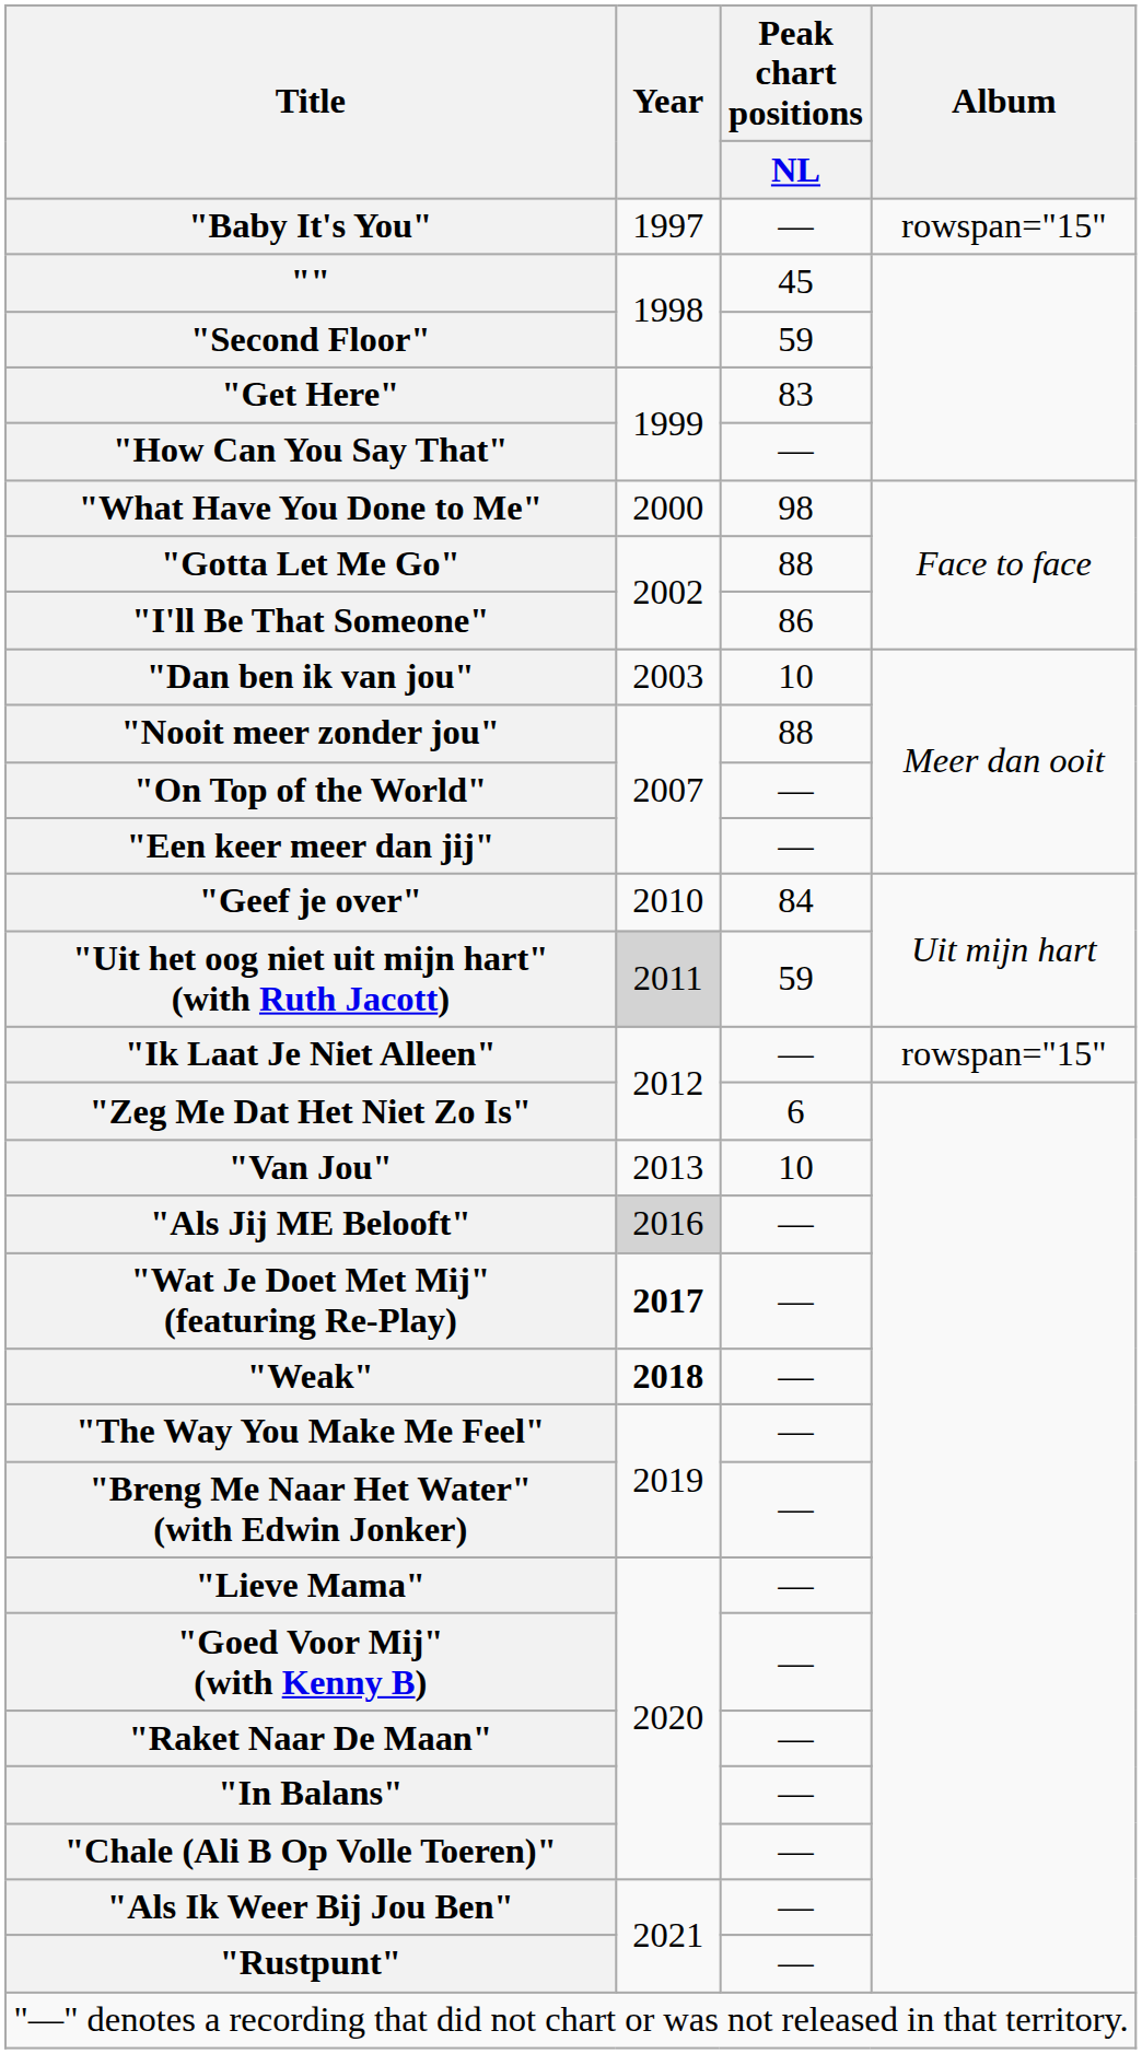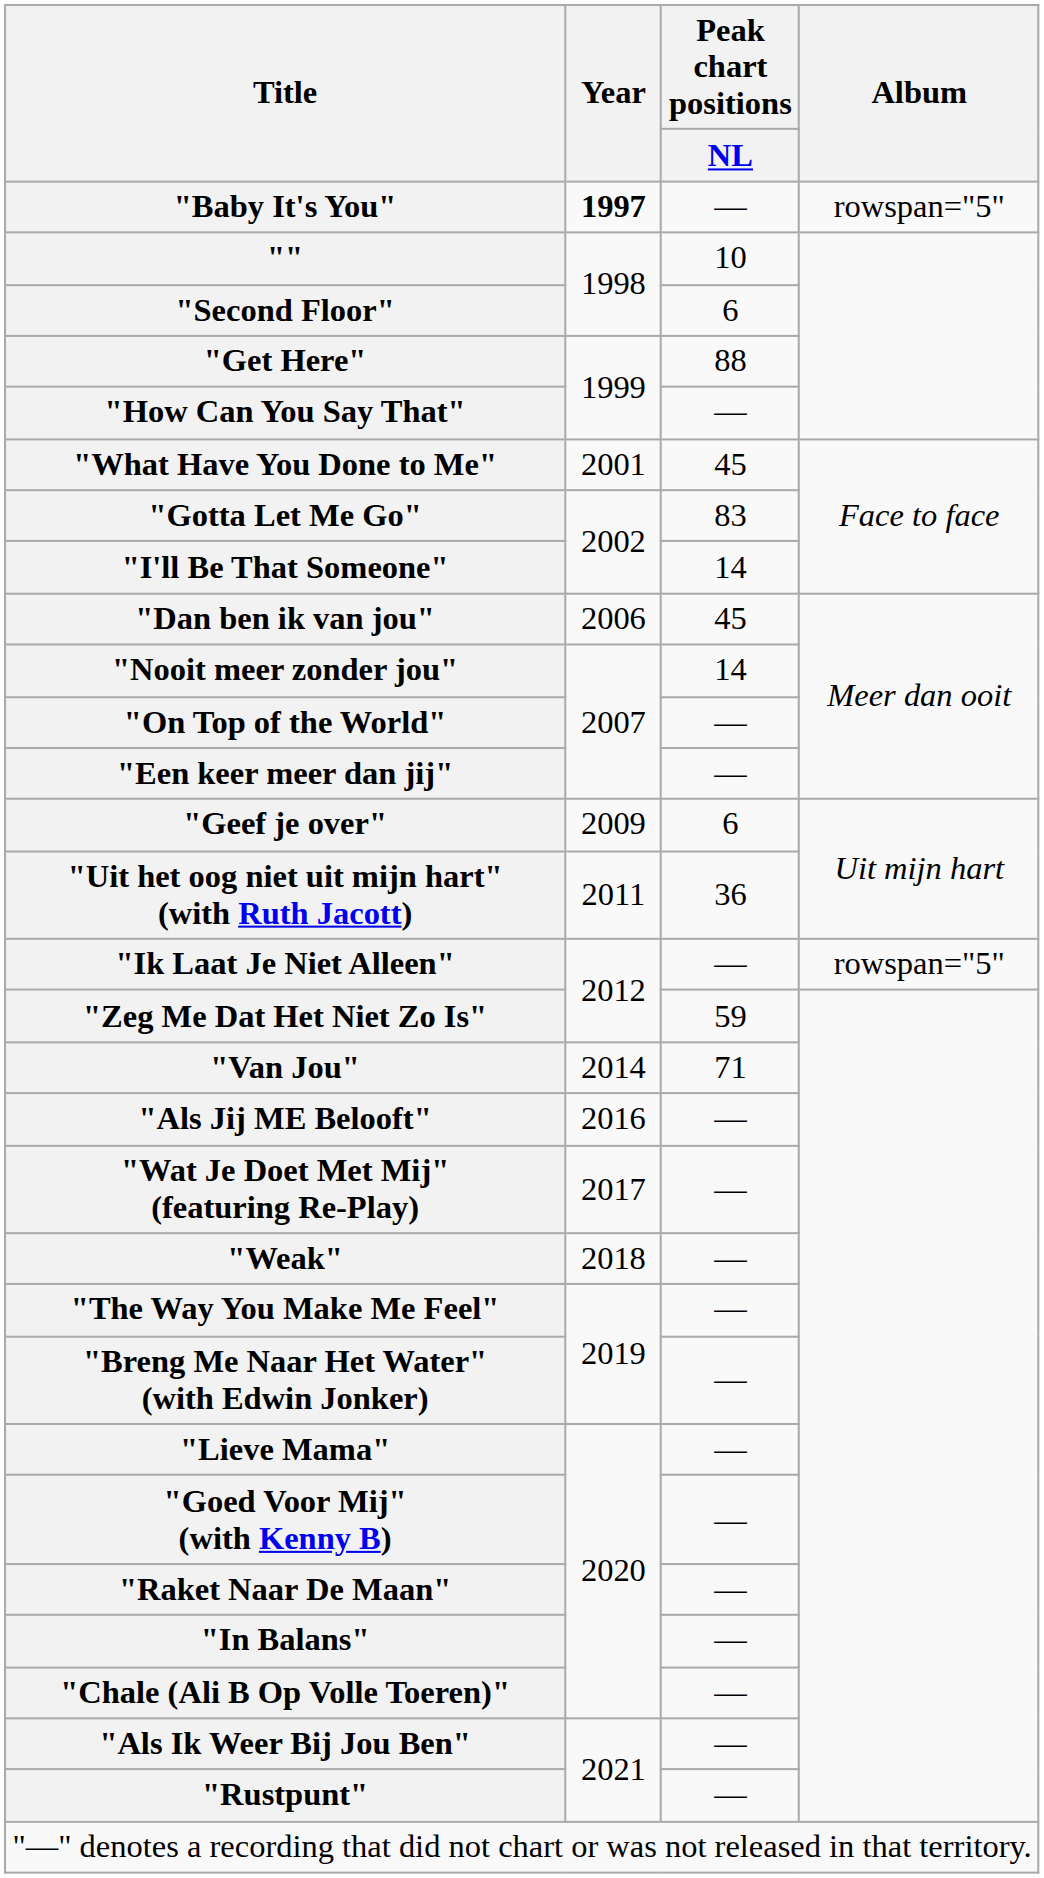 <table class="wikitable plainrowheaders" style="text-align:center;">
 <tr>
 <th scope="col" rowspan="2">Title</th>
 <th scope="col" rowspan="2">Year</th>
 <th scope="col" colspan="1">Peak chart positions</th>
 <th scope="col" rowspan="2">Album</th>
 </tr>
 <tr>
 <th scope="col" style="width:3em;"><a href='#'>NL</a><br></th>
 </tr>
 <tr>
 <th scope="row">"Baby It's You"</th>
-<td>1997</td>
+<td><strong>1997</strong></td>
 <td>—</td>
-<td>rowspan="15" </td>
+<td>rowspan="5" </td>
 </tr>
 <tr>
 <th scope="row">""</th>
 <td rowspan="2">1998</td>
-<td>45</td>
+<td>10</td>
 </tr>
 <tr>
 <th scope="row">"Second Floor"</th>
-<td>59</td>
+<td>6</td>
 </tr>
 <tr>
 <th scope="row">"Get Here"</th>
 <td rowspan="2">1999</td>
-<td>83</td>
+<td>88</td>
 </tr>
 <tr>
 <th scope="row">"How Can You Say That"</th>
 <td>—</td>
 </tr>
 <tr>
 <th scope="row">"What Have You Done to Me"</th>
-<td>2000</td>
-<td>98</td>
+<td>2001</td>
+<td>45</td>
 <td rowspan="3"><em>Face to face</em></td>
 </tr>
 <tr>
 <th scope="row">"Gotta Let Me Go"</th>
 <td rowspan="2">2002</td>
-<td>88</td>
+<td>83</td>
 </tr>
 <tr>
 <th scope="row">"I'll Be That Someone"</th>
-<td>86</td>
+<td>14</td>
 </tr>
 <tr>
 <th scope="row">"Dan ben ik van jou"</th>
-<td>2003</td>
-<td>10</td>
+<td>2006</td>
+<td>45</td>
 <td rowspan="4"><em>Meer dan ooit</em></td>
 </tr>
 <tr>
 <th scope="row">"Nooit meer zonder jou"</th>
 <td rowspan="3">2007</td>
-<td>88</td>
+<td>14</td>
 </tr>
 <tr>
 <th scope="row">"On Top of the World"</th>
 <td>—</td>
 </tr>
 <tr>
 <th scope="row">"Een keer meer dan jij"</th>
 <td>—</td>
 </tr>
 <tr>
 <th scope="row">"Geef je over"</th>
-<td>2010</td>
-<td>84</td>
+<td>2009</td>
+<td>6</td>
 <td rowspan="2"><em>Uit mijn hart</em></td>
 </tr>
 <tr>
 <th scope="row">"Uit het oog niet uit mijn hart"<br>(with <a href='#'>Ruth Jacott</a>)</th>
-<td style="background: lightgrey;">2011</td>
-<td>59</td>
+<td>2011</td>
+<td>36</td>
 </tr>
 <tr>
 <th scope="row">"Ik Laat Je Niet Alleen"</th>
 <td rowspan="2">2012</td>
 <td>—</td>
-<td>rowspan="15" </td>
+<td>rowspan="5" </td>
 </tr>
 <tr>
 <th scope="row">"Zeg Me Dat Het Niet Zo Is"</th>
-<td>6</td>
+<td>59</td>
 </tr>
 <tr>
 <th scope="row">"Van Jou"</th>
-<td>2013</td>
-<td>10</td>
+<td>2014</td>
+<td>71</td>
 </tr>
 <tr>
 <th scope="row">"Als Jij ME Belooft"</th>
-<td style="background: lightgrey;">2016</td>
+<td>2016</td>
 <td>—</td>
 </tr>
 <tr>
 <th scope="row">"Wat Je Doet Met Mij"<br>(featuring Re-Play)</th>
-<td><strong>2017</strong></td>
+<td>2017</td>
 <td>—</td>
 </tr>
 <tr>
 <th scope="row">"Weak"</th>
-<td><strong>2018</strong></td>
+<td>2018</td>
 <td>—</td>
 </tr>
 <tr>
 <th scope="row">"The Way You Make Me Feel"</th>
 <td rowspan="2">2019</td>
 <td>—</td>
 </tr>
 <tr>
 <th scope="row">"Breng Me Naar Het Water"<br>(with Edwin Jonker)</th>
 <td>—</td>
 </tr>
 <tr>
 <th scope="row">"Lieve Mama"</th>
 <td rowspan="5">2020</td>
 <td>—</td>
 </tr>
 <tr>
 <th scope="row">"Goed Voor Mij"<br>(with <a href='#'>Kenny B</a>)</th>
 <td>—</td>
 </tr>
 <tr>
 <th scope="row">"Raket Naar De Maan"</th>
 <td>—</td>
 </tr>
 <tr>
 <th scope="row">"In Balans"</th>
 <td>—</td>
 </tr>
 <tr>
 <th scope="row">"Chale (Ali B Op Volle Toeren)"</th>
 <td>—</td>
 </tr>
 <tr>
 <th scope="row">"Als Ik Weer Bij Jou Ben"</th>
 <td rowspan="2">2021</td>
 <td>—</td>
 </tr>
 <tr>
 <th scope="row">"Rustpunt"</th>
 <td>—</td>
 </tr>
 <tr>
 <td colspan="14">"—" denotes a recording that did not chart or was not released in that territory.</td>
 </tr>
 </table>
